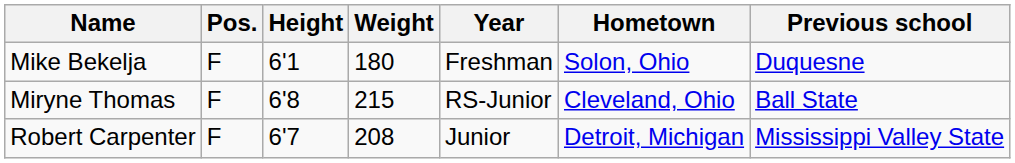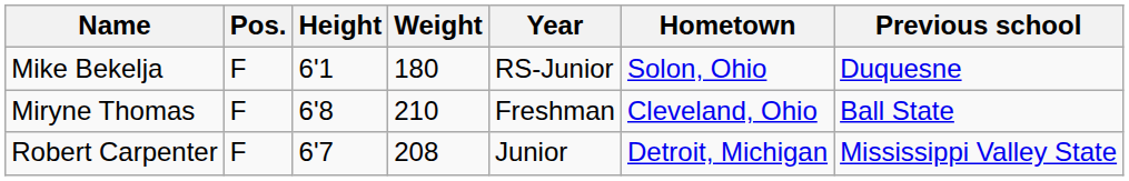 <table class="wikitable sortable" border="1">
 <tr align=center>
 <th>Name</th>
 <th>Pos.</th>
 <th>Height</th>
 <th>Weight</th>
 <th>Year</th>
 <th>Hometown</th>
 <th>Previous school</th>
 </tr>
 <tr>
 <td>Mike Bekelja</td>
 <td>F</td>
 <td>6'1</td>
 <td>180</td>
-<td>Freshman</td>
+<td>RS-Junior</td>
 <td><a href='#'>Solon, Ohio</a></td>
 <td><a href='#'>Duquesne</a></td>
 </tr>
 <tr>
 <td>Miryne Thomas</td>
 <td>F</td>
 <td>6'8</td>
-<td>215</td>
-<td>RS-Junior</td>
+<td>210</td>
+<td>Freshman</td>
 <td><a href='#'>Cleveland, Ohio</a></td>
 <td><a href='#'>Ball State</a></td>
 </tr>
 <tr>
 <td>Robert Carpenter</td>
 <td>F</td>
 <td>6'7</td>
 <td>208</td>
 <td>Junior</td>
 <td><a href='#'>Detroit, Michigan</a></td>
 <td><a href='#'>Mississippi Valley State</a></td>
 </tr>
 </table>
